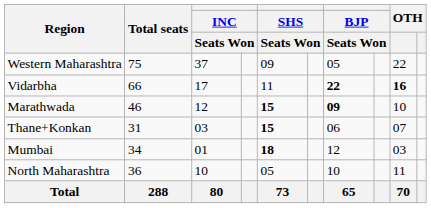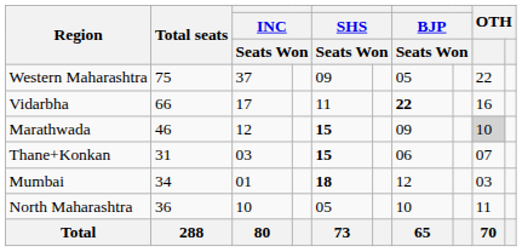 <table class="wikitable sortable">
 <tr>
 <th rowspan="3">Region</th>
 <th rowspan="3">Total seats</th>
 <th colspan="2"></th>
 <th colspan="2"></th>
 <th colspan="2"></th>
 <th colspan="2" rowspan="2">OTH</th>
 </tr>
 <tr>
 <th colspan="2"><a href='#'>INC</a></th>
 <th colspan="2"><a href='#'>SHS</a></th>
 <th colspan="2"><a href='#'>BJP</a></th>
 </tr>
 <tr>
 <th colspan="2">Seats Won</th>
 <th colspan="2">Seats Won</th>
 <th colspan="2">Seats Won</th>
 <th></th>
 <th></th>
 </tr>
 <tr>
 <td>Western Maharashtra</td>
 <td>75</td>
 <td>37</td>
 <td></td>
 <td>09</td>
 <td></td>
 <td>05</td>
 <td></td>
 <td>22</td>
 <td></td>
 </tr>
 <tr>
 <td>Vidarbha</td>
 <td>66</td>
 <td>17</td>
 <td></td>
 <td>11</td>
 <td></td>
 <td><strong>22</strong></td>
 <td></td>
-<td><strong>16</strong></td>
+<td>16</td>
 <td></td>
 </tr>
 <tr>
 <td>Marathwada</td>
 <td>46</td>
 <td>12</td>
 <td></td>
 <td><strong>15</strong></td>
 <td></td>
-<td><strong>09</strong></td>
+<td>09</td>
 <td></td>
-<td>10</td>
+<td style="background: lightgrey;">10</td>
 <td></td>
 </tr>
 <tr>
 <td>Thane+Konkan</td>
 <td>31</td>
 <td>03</td>
 <td></td>
 <td><strong>15</strong></td>
 <td></td>
 <td>06</td>
 <td></td>
 <td>07</td>
 <td></td>
 </tr>
 <tr>
 <td>Mumbai</td>
 <td>34</td>
 <td>01</td>
 <td></td>
 <td><strong>18</strong></td>
 <td></td>
 <td>12</td>
 <td></td>
 <td>03</td>
 <td></td>
 </tr>
 <tr>
 <td>North Maharashtra</td>
 <td>36</td>
 <td>10</td>
 <td></td>
 <td>05</td>
 <td></td>
 <td>10</td>
 <td></td>
 <td>11</td>
 <td></td>
 </tr>
 <tr>
 <th><strong>Total</strong></th>
 <th><strong>288</strong></th>
 <th>80</th>
 <th></th>
 <th>73</th>
 <th></th>
 <th>65</th>
 <th></th>
 <th>70</th>
 <th></th>
 </tr>
 </table>
